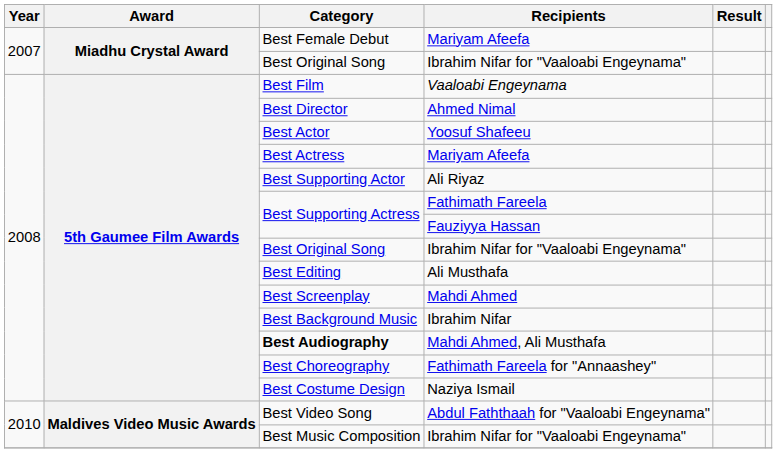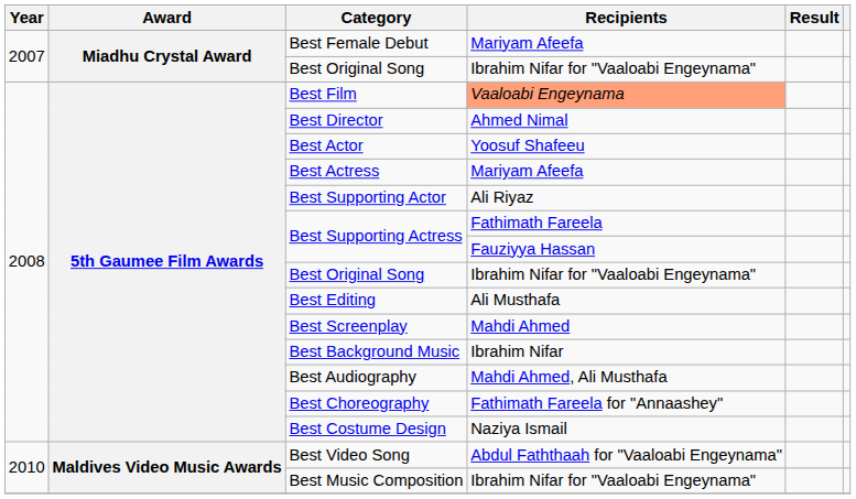 <table class="wikitable plainrowheaders sortable">
 <tr>
 <th scope="col">Year</th>
 <th scope="col">Award</th>
 <th scope="col">Category</th>
 <th scope="col">Recipients</th>
 <th scope="col">Result</th>
 <th scope="col" class="unsortable"></th>
 </tr>
 <tr>
 <td rowspan="2">2007</td>
 <th scope="row" rowspan="2">Miadhu Crystal Award</th>
 <td>Best Female Debut</td>
 <td><a href='#'>Mariyam Afeefa</a></td>
 <td></td>
 <td style="text-align:center;"></td>
 </tr>
 <tr>
 <td>Best Original Song</td>
 <td>Ibrahim Nifar for "Vaaloabi Engeynama"</td>
 <td></td>
 <td style="text-align:center;"></td>
 </tr>
 <tr>
 <td rowspan="14">2008</td>
 <th scope="row" rowspan="14"><a href='#'>5th Gaumee Film Awards</a></th>
 <td><a href='#'>Best Film</a></td>
-<td><em>Vaaloabi Engeynama</em></td>
+<td style="background: lightsalmon;"><em>Vaaloabi Engeynama</em></td>
 <td></td>
 <td style="text-align:center;"></td>
 </tr>
 <tr>
 <td><a href='#'>Best Director</a></td>
 <td><a href='#'>Ahmed Nimal</a></td>
 <td></td>
 <td style="text-align:center;"></td>
 </tr>
 <tr>
 <td><a href='#'>Best Actor</a></td>
 <td><a href='#'>Yoosuf Shafeeu</a></td>
 <td></td>
 <td style="text-align:center;"></td>
 </tr>
 <tr>
 <td><a href='#'>Best Actress</a></td>
 <td><a href='#'>Mariyam Afeefa</a></td>
 <td></td>
 <td style="text-align:center;"></td>
 </tr>
 <tr>
 <td><a href='#'>Best Supporting Actor</a></td>
 <td>Ali Riyaz</td>
 <td></td>
 <td style="text-align:center;"></td>
 </tr>
 <tr>
 <td rowspan="2"><a href='#'>Best Supporting Actress</a></td>
 <td><a href='#'>Fathimath Fareela</a></td>
 <td></td>
 <td style="text-align:center;"></td>
 </tr>
 <tr>
 <td><a href='#'>Fauziyya Hassan</a></td>
 <td></td>
 <td style="text-align:center;"></td>
 </tr>
 <tr>
 <td><a href='#'>Best Original Song</a></td>
 <td>Ibrahim Nifar for "Vaaloabi Engeynama"</td>
 <td></td>
 <td style="text-align:center;"></td>
 </tr>
 <tr>
 <td><a href='#'>Best Editing</a></td>
 <td>Ali Musthafa</td>
 <td></td>
 <td style="text-align:center;"></td>
 </tr>
 <tr>
 <td><a href='#'>Best Screenplay</a></td>
 <td><a href='#'>Mahdi Ahmed</a></td>
 <td></td>
 <td style="text-align:center;"></td>
 </tr>
 <tr>
 <td><a href='#'>Best Background Music</a></td>
 <td>Ibrahim Nifar</td>
 <td></td>
 <td style="text-align:center;"></td>
 </tr>
 <tr>
-<td><strong>Best Audiography</strong></td>
+<td>Best Audiography</td>
 <td><a href='#'>Mahdi Ahmed</a>, Ali Musthafa</td>
 <td></td>
 <td style="text-align:center;"></td>
 </tr>
 <tr>
 <td><a href='#'>Best Choreography</a></td>
 <td><a href='#'>Fathimath Fareela</a> for "Annaashey"</td>
 <td></td>
 <td style="text-align:center;"></td>
 </tr>
 <tr>
 <td><a href='#'>Best Costume Design</a></td>
 <td>Naziya Ismail</td>
 <td></td>
 <td style="text-align:center;"></td>
 </tr>
 <tr>
 <td rowspan="2">2010</td>
 <th scope="row" rowspan="2">Maldives Video Music Awards</th>
 <td>Best Video Song</td>
 <td><a href='#'>Abdul Faththaah</a> for "Vaaloabi Engeynama"</td>
 <td></td>
 <td style="text-align:center;"></td>
 </tr>
 <tr>
 <td>Best Music Composition</td>
 <td>Ibrahim Nifar for "Vaaloabi Engeynama"</td>
 <td></td>
 <td style="text-align:center;"></td>
 </tr>
 <tr>
 </tr>
 </table>
